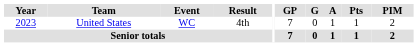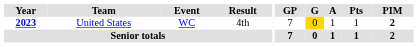 <table border="0" cellpadding="1" cellspacing="0" ID="Table3" style="text-align:center; width:40em">
 <tr ALIGN="center" bgcolor="#e0e0e0">
 <th>Year</th>
 <th>Team</th>
 <th>Event</th>
 <th>Result</th>
 <th rowspan="99" bgcolor="#ffffff"></th>
 <th>GP</th>
 <th>G</th>
 <th>A</th>
 <th>Pts</th>
 <th>PIM</th>
 </tr>
 <tr>
-<td><a href='#'>2023</a></td>
+<td><strong><a href='#'>2023</a></strong></td>
 <td><a href='#'>United States</a></td>
 <td><a href='#'>WC</a></td>
 <td>4th</td>
 <td>7</td>
-<td>0</td>
+<td style="background: gold;">0</td>
 <td>1</td>
 <td>1</td>
-<td>2</td>
+<td><strong>2</strong></td>
 </tr>
 <tr bgcolor="#e0e0e0">
 <th colspan="4">Senior totals</th>
 <th>7</th>
 <th>0</th>
 <th>1</th>
 <th>1</th>
 <th>2</th>
 </tr>
 </table>
